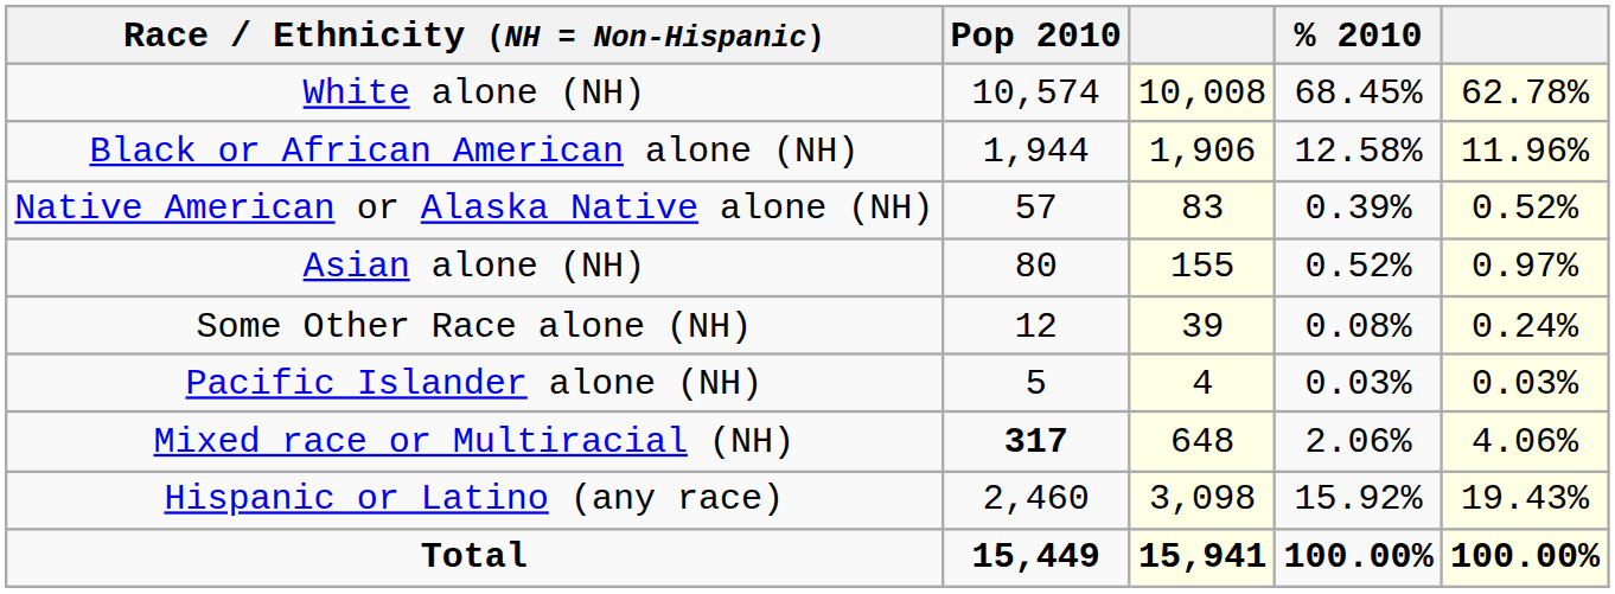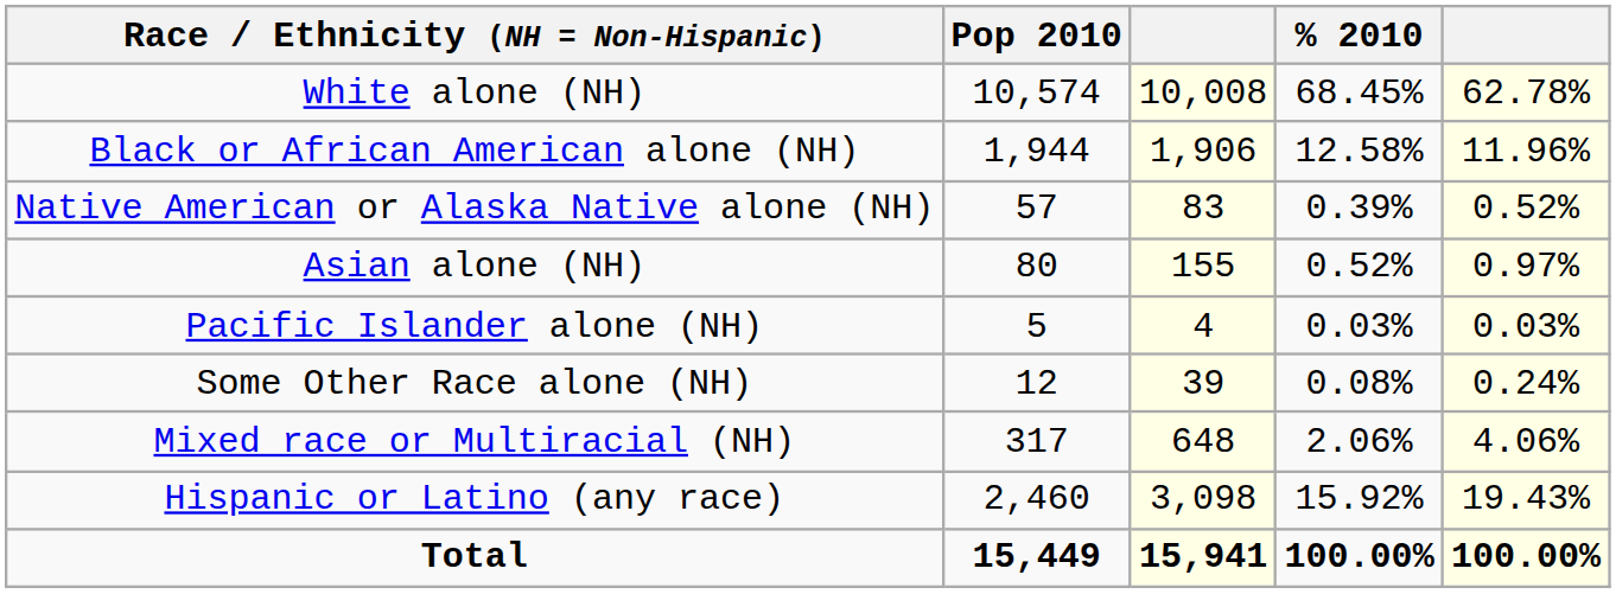 <table class="wikitable" style="text-align:center;">
 <tr>
 <th>Race / Ethnicity <small>(<em>NH = Non-Hispanic</em>)</small></th>
 <th>Pop 2010</th>
 <th></th>
 <th>% 2010</th>
 <th></th>
 </tr>
 <tr>
 <td><a href='#'>White</a> alone (NH)</td>
 <td>10,574</td>
 <td style='background: #ffffe6;'>10,008</td>
 <td>68.45%</td>
 <td style='background: #ffffe6;'>62.78%</td>
 </tr>
 <tr>
 <td><a href='#'>Black or African American</a> alone (NH)</td>
 <td>1,944</td>
 <td style='background: #ffffe6;'>1,906</td>
 <td>12.58%</td>
 <td style='background: #ffffe6;'>11.96%</td>
 </tr>
 <tr>
 <td><a href='#'>Native American</a> or <a href='#'>Alaska Native</a> alone (NH)</td>
 <td>57</td>
 <td style='background: #ffffe6;'>83</td>
 <td>0.39%</td>
 <td style='background: #ffffe6;'>0.52%</td>
 </tr>
 <tr>
 <td><a href='#'>Asian</a> alone (NH)</td>
 <td>80</td>
 <td style='background: #ffffe6;'>155</td>
 <td>0.52%</td>
 <td style='background: #ffffe6;'>0.97%</td>
 </tr>
 <tr>
+<td><a href='#'>Pacific Islander</a> alone (NH)</td>
+<td>5</td>
+<td style='background: #ffffe6;'>4</td>
+<td>0.03%</td>
+<td style='background: #ffffe6;'>0.03%</td>
+</tr>
+<tr>
 <td>Some Other Race alone (NH)</td>
 <td>12</td>
 <td style='background: #ffffe6;'>39</td>
 <td>0.08%</td>
 <td style='background: #ffffe6;'>0.24%</td>
 </tr>
 <tr>
-<td><a href='#'>Pacific Islander</a> alone (NH)</td>
-<td>5</td>
-<td style='background: #ffffe6;'>4</td>
-<td>0.03%</td>
-<td style='background: #ffffe6;'>0.03%</td>
-</tr>
-<tr>
 <td><a href='#'>Mixed race or Multiracial</a> (NH)</td>
-<td><strong>317</strong></td>
+<td>317</td>
 <td style='background: #ffffe6;'>648</td>
 <td>2.06%</td>
 <td style='background: #ffffe6;'>4.06%</td>
 </tr>
 <tr>
 <td><a href='#'>Hispanic or Latino</a> (any race)</td>
 <td>2,460</td>
 <td style='background: #ffffe6;'>3,098</td>
 <td>15.92%</td>
 <td style='background: #ffffe6;'>19.43%</td>
 </tr>
 <tr>
 <td><strong>Total</strong></td>
 <td><strong>15,449</strong></td>
 <td style='background: #ffffe6;'><strong>15,941</strong></td>
 <td><strong>100.00%</strong></td>
 <td style='background: #ffffe6;'><strong>100.00%</strong></td>
 </tr>
 </table>
